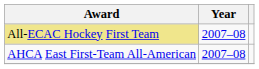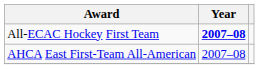 <table class="wikitable">
 <tr>
 <th>Award</th>
 <th>Year</th>
 <th></th>
 </tr>
 <tr>
-<td style="background: khaki;">All-<a href='#'>ECAC Hockey</a> <a href='#'>First Team</a></td>
-<td><a href='#'>2007–08</a></td>
+<td>All-<a href='#'>ECAC Hockey</a> <a href='#'>First Team</a></td>
+<td><strong><a href='#'>2007–08</a></strong></td>
 <td></td>
 </tr>
 <tr>
 <td><a href='#'>AHCA</a> <a href='#'>East First-Team All-American</a></td>
 <td><a href='#'>2007–08</a></td>
 <td></td>
 </tr>
 <tr>
 </tr>
 </table>
